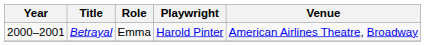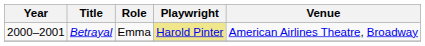 <table class="wikitable unsortable">
 <tr>
 <th>Year</th>
 <th>Title</th>
 <th>Role</th>
 <th>Playwright</th>
 <th class="unsortable">Venue</th>
 </tr>
 <tr>
 <td>2000–2001</td>
 <td><em><a href='#'>Betrayal</a></em></td>
 <td>Emma</td>
-<td><a href='#'>Harold Pinter</a></td>
+<td style="background: khaki;"><a href='#'>Harold Pinter</a></td>
 <td><a href='#'>American Airlines Theatre</a>, <a href='#'>Broadway</a></td>
 </tr>
 <tr>
 </tr>
 </table>
